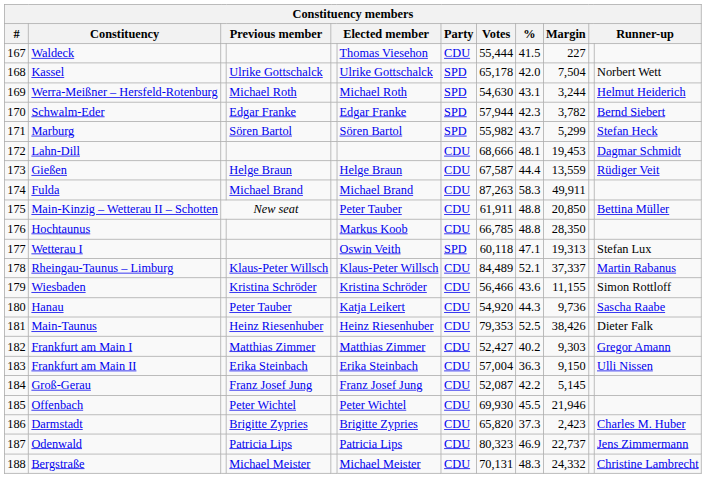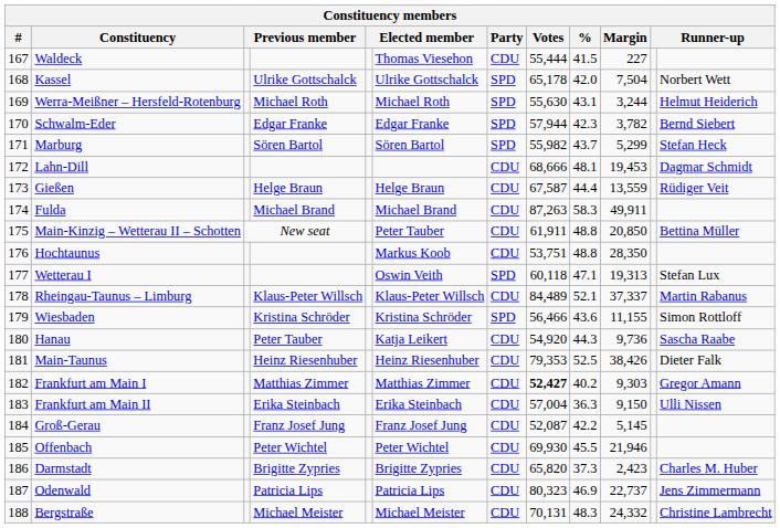 <table class="wikitable sortable" style="text-align:right">
 <tr>
 <th colspan="12">Constituency members</th>
 </tr>
 <tr>
 <th>#</th>
 <th>Constituency</th>
 <th colspan="2">Previous member</th>
 <th colspan="2">Elected member</th>
 <th>Party</th>
 <th>Votes</th>
 <th>%</th>
 <th>Margin</th>
 <th colspan="2">Runner-up</th>
 </tr>
 <tr>
 <td>167</td>
 <td align=left><a href='#'>Waldeck</a></td>
 <td bgcolor=></td>
 <td align=left></td>
 <td></td>
 <td align=left><a href='#'>Thomas Viesehon</a></td>
 <td align="left"><a href='#'>CDU</a></td>
 <td>55,444</td>
 <td>41.5</td>
 <td>227</td>
 <td bgcolor=></td>
 <td align=left></td>
 </tr>
 <tr>
 <td>168</td>
 <td align=left><a href='#'>Kassel</a></td>
 <td bgcolor=></td>
 <td align=left><a href='#'>Ulrike Gottschalck</a></td>
 <td></td>
 <td align=left><a href='#'>Ulrike Gottschalck</a></td>
 <td align="left"><a href='#'>SPD</a></td>
 <td>65,178</td>
 <td>42.0</td>
 <td>7,504</td>
 <td bgcolor=></td>
 <td align=left>Norbert Wett</td>
 </tr>
 <tr>
 <td>169</td>
 <td align=left><a href='#'>Werra-Meißner – Hersfeld-Rotenburg</a></td>
 <td bgcolor=></td>
 <td align=left><a href='#'>Michael Roth</a></td>
 <td bgcolor=></td>
 <td align=left><a href='#'>Michael Roth</a></td>
 <td align=left><a href='#'>SPD</a></td>
-<td>54,630</td>
+<td>55,630</td>
 <td>43.1</td>
 <td>3,244</td>
 <td bgcolor=></td>
 <td align=left><a href='#'>Helmut Heiderich</a></td>
 </tr>
 <tr>
 <td>170</td>
 <td align=left><a href='#'>Schwalm-Eder</a></td>
 <td bgcolor=></td>
 <td align=left><a href='#'>Edgar Franke</a></td>
 <td bgcolor=></td>
 <td align=left><a href='#'>Edgar Franke</a></td>
 <td align=left><a href='#'>SPD</a></td>
 <td>57,944</td>
 <td>42.3</td>
 <td>3,782</td>
 <td bgcolor=></td>
 <td align=left><a href='#'>Bernd Siebert</a></td>
 </tr>
 <tr>
 <td>171</td>
 <td align=left><a href='#'>Marburg</a></td>
 <td bgcolor=></td>
 <td align=left><a href='#'>Sören Bartol</a></td>
 <td bgcolor=></td>
 <td align=left><a href='#'>Sören Bartol</a></td>
 <td align=left><a href='#'>SPD</a></td>
 <td>55,982</td>
 <td>43.7</td>
 <td>5,299</td>
 <td bgcolor=></td>
 <td align=left><a href='#'>Stefan Heck</a></td>
 </tr>
 <tr>
 <td>172</td>
 <td align=left><a href='#'>Lahn-Dill</a></td>
 <td bgcolor=></td>
 <td align=left></td>
 <td></td>
 <td align=left></td>
 <td align="left"><a href='#'>CDU</a></td>
 <td>68,666</td>
 <td>48.1</td>
 <td>19,453</td>
 <td bgcolor=></td>
 <td align=left><a href='#'>Dagmar Schmidt</a></td>
 </tr>
 <tr>
 <td>173</td>
 <td align=left><a href='#'>Gießen</a></td>
 <td bgcolor=></td>
 <td align=left><a href='#'>Helge Braun</a></td>
 <td bgcolor=></td>
 <td align=left><a href='#'>Helge Braun</a></td>
 <td align=left><a href='#'>CDU</a></td>
 <td>67,587</td>
 <td>44.4</td>
 <td>13,559</td>
 <td bgcolor=></td>
 <td align=left><a href='#'>Rüdiger Veit</a></td>
 </tr>
 <tr>
 <td>174</td>
 <td align=left><a href='#'>Fulda</a></td>
 <td bgcolor=></td>
 <td align=left><a href='#'>Michael Brand</a></td>
 <td bgcolor=></td>
 <td align=left><a href='#'>Michael Brand</a></td>
 <td align=left><a href='#'>CDU</a></td>
 <td>87,263</td>
 <td>58.3</td>
 <td>49,911</td>
 <td bgcolor=></td>
 <td align=left></td>
 </tr>
 <tr>
 <td>175</td>
 <td align=left><a href='#'>Main-Kinzig – Wetterau II – Schotten</a></td>
 <td align=center colspan=2><em>New seat</em></td>
 <td bgcolor=></td>
 <td align=left><a href='#'>Peter Tauber</a></td>
 <td align=left><a href='#'>CDU</a></td>
 <td>61,911</td>
 <td>48.8</td>
 <td>20,850</td>
 <td bgcolor=></td>
 <td align=left><a href='#'>Bettina Müller</a></td>
 </tr>
 <tr>
 <td>176</td>
 <td align=left><a href='#'>Hochtaunus</a></td>
 <td bgcolor=></td>
 <td align=left></td>
 <td></td>
 <td align=left><a href='#'>Markus Koob</a></td>
 <td align=left><a href='#'>CDU</a></td>
-<td>66,785</td>
+<td>53,751</td>
 <td>48.8</td>
 <td>28,350</td>
 <td bgcolor=></td>
 <td align=left></td>
 </tr>
 <tr>
 <td>177</td>
 <td align=left><a href='#'>Wetterau I</a></td>
 <td bgcolor=></td>
 <td align=left></td>
 <td></td>
 <td align=left><a href='#'>Oswin Veith</a></td>
 <td align=left><a href='#'>SPD</a></td>
 <td>60,118</td>
 <td>47.1</td>
 <td>19,313</td>
 <td bgcolor=></td>
 <td align=left>Stefan Lux</td>
 </tr>
 <tr>
 <td>178</td>
 <td align=left><a href='#'>Rheingau-Taunus – Limburg</a></td>
 <td bgcolor=></td>
 <td align=left><a href='#'>Klaus-Peter Willsch</a></td>
 <td bgcolor=></td>
 <td align=left><a href='#'>Klaus-Peter Willsch</a></td>
 <td align=left><a href='#'>CDU</a></td>
 <td>84,489</td>
 <td>52.1</td>
 <td>37,337</td>
 <td bgcolor=></td>
 <td align=left><a href='#'>Martin Rabanus</a></td>
 </tr>
 <tr>
 <td>179</td>
 <td align=left><a href='#'>Wiesbaden</a></td>
 <td bgcolor=></td>
 <td align=left><a href='#'>Kristina Schröder</a></td>
 <td bgcolor=></td>
 <td align=left><a href='#'>Kristina Schröder</a></td>
-<td align=left><a href='#'>CDU</a></td>
+<td align=left><a href='#'>SPD</a></td>
 <td>56,466</td>
 <td>43.6</td>
 <td>11,155</td>
 <td bgcolor=></td>
 <td align=left>Simon Rottloff</td>
 </tr>
 <tr>
 <td>180</td>
 <td align=left><a href='#'>Hanau</a></td>
 <td bgcolor=></td>
 <td align=left><a href='#'>Peter Tauber</a></td>
 <td bgcolor=></td>
 <td align=left><a href='#'>Katja Leikert</a></td>
 <td align=left><a href='#'>CDU</a></td>
 <td>54,920</td>
 <td>44.3</td>
 <td>9,736</td>
 <td bgcolor=></td>
 <td align=left><a href='#'>Sascha Raabe</a></td>
 </tr>
 <tr>
 <td>181</td>
 <td align=left><a href='#'>Main-Taunus</a></td>
 <td bgcolor=></td>
 <td align=left><a href='#'>Heinz Riesenhuber</a></td>
 <td bgcolor=></td>
 <td align=left><a href='#'>Heinz Riesenhuber</a></td>
 <td align=left><a href='#'>CDU</a></td>
 <td>79,353</td>
 <td>52.5</td>
 <td>38,426</td>
 <td bgcolor=></td>
 <td align=left>Dieter Falk</td>
 </tr>
 <tr>
 <td>182</td>
 <td align=left><a href='#'>Frankfurt am Main I</a></td>
 <td bgcolor=></td>
 <td align=left><a href='#'>Matthias Zimmer</a></td>
 <td bgcolor=></td>
 <td align=left><a href='#'>Matthias Zimmer</a></td>
 <td align=left><a href='#'>CDU</a></td>
-<td>52,427</td>
+<td><strong>52,427</strong></td>
 <td>40.2</td>
 <td>9,303</td>
 <td bgcolor=></td>
 <td align=left><a href='#'>Gregor Amann</a></td>
 </tr>
 <tr>
 <td>183</td>
 <td align=left><a href='#'>Frankfurt am Main II</a></td>
 <td bgcolor=></td>
 <td align=left><a href='#'>Erika Steinbach</a></td>
 <td bgcolor=></td>
 <td align=left><a href='#'>Erika Steinbach</a></td>
 <td align=left><a href='#'>CDU</a></td>
 <td>57,004</td>
 <td>36.3</td>
 <td>9,150</td>
 <td bgcolor=></td>
 <td align=left><a href='#'>Ulli Nissen</a></td>
 </tr>
 <tr>
 <td>184</td>
 <td align=left><a href='#'>Groß-Gerau</a></td>
 <td bgcolor=></td>
 <td align=left><a href='#'>Franz Josef Jung</a></td>
 <td bgcolor=></td>
 <td align=left><a href='#'>Franz Josef Jung</a></td>
 <td align=left><a href='#'>CDU</a></td>
 <td>52,087</td>
 <td>42.2</td>
 <td>5,145</td>
 <td bgcolor=></td>
 <td align=left></td>
 </tr>
 <tr>
 <td>185</td>
 <td align=left><a href='#'>Offenbach</a></td>
 <td bgcolor=></td>
 <td align=left><a href='#'>Peter Wichtel</a></td>
 <td></td>
 <td align=left><a href='#'>Peter Wichtel</a></td>
 <td align="left"><a href='#'>CDU</a></td>
 <td>69,930</td>
 <td>45.5</td>
 <td>21,946</td>
 <td bgcolor=></td>
 <td align=left></td>
 </tr>
 <tr>
 <td>186</td>
 <td align=left><a href='#'>Darmstadt</a></td>
 <td bgcolor=></td>
 <td align=left><a href='#'>Brigitte Zypries</a></td>
 <td bgcolor=></td>
 <td align=left><a href='#'>Brigitte Zypries</a></td>
 <td align=left><a href='#'>CDU</a></td>
 <td>65,820</td>
 <td>37.3</td>
 <td>2,423</td>
 <td bgcolor=></td>
 <td align=left><a href='#'>Charles M. Huber</a></td>
 </tr>
 <tr>
 <td>187</td>
 <td align=left><a href='#'>Odenwald</a></td>
 <td bgcolor=></td>
 <td align=left><a href='#'>Patricia Lips</a></td>
 <td bgcolor=></td>
 <td align=left><a href='#'>Patricia Lips</a></td>
 <td align=left><a href='#'>CDU</a></td>
 <td>80,323</td>
 <td>46.9</td>
 <td>22,737</td>
 <td bgcolor=></td>
 <td align=left><a href='#'>Jens Zimmermann</a></td>
 </tr>
 <tr>
 <td>188</td>
 <td align=left><a href='#'>Bergstraße</a></td>
 <td bgcolor=></td>
 <td align=left><a href='#'>Michael Meister</a></td>
 <td bgcolor=></td>
 <td align=left><a href='#'>Michael Meister</a></td>
 <td align=left><a href='#'>CDU</a></td>
 <td>70,131</td>
 <td>48.3</td>
 <td>24,332</td>
 <td bgcolor=></td>
 <td align=left><a href='#'>Christine Lambrecht</a></td>
 </tr>
 </table>
